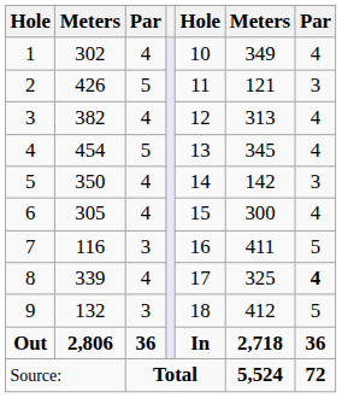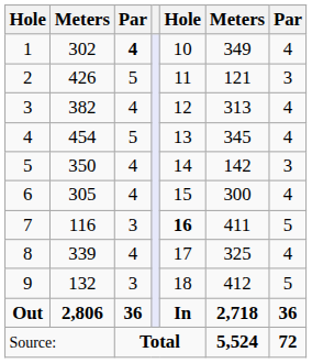 <table class="wikitable" style="text-align:center; font-size:100%;">
 <tr>
 <th>Hole</th>
 <th>Meters</th>
 <th>Par</th>
 <th></th>
 <th>Hole</th>
 <th>Meters</th>
 <th>Par</th>
 </tr>
 <tr>
 <td>1</td>
 <td>302</td>
-<td>4</td>
+<td><strong>4</strong></td>
 <td rowspan="10" style="background:#E6E8FA;"></td>
 <td>10</td>
 <td>349</td>
 <td>4</td>
 </tr>
 <tr>
 <td>2</td>
 <td>426</td>
 <td>5</td>
 <td>11</td>
 <td>121</td>
 <td>3</td>
 </tr>
 <tr>
 <td>3</td>
 <td>382</td>
 <td>4</td>
 <td>12</td>
 <td>313</td>
 <td>4</td>
 </tr>
 <tr>
 <td>4</td>
 <td>454</td>
 <td>5</td>
 <td>13</td>
 <td>345</td>
 <td>4</td>
 </tr>
 <tr>
 <td>5</td>
 <td>350</td>
 <td>4</td>
 <td>14</td>
 <td>142</td>
 <td>3</td>
 </tr>
 <tr>
 <td>6</td>
 <td>305</td>
 <td>4</td>
 <td>15</td>
 <td>300</td>
 <td>4</td>
 </tr>
 <tr>
 <td>7</td>
 <td>116</td>
 <td>3</td>
-<td>16</td>
+<td><strong>16</strong></td>
 <td>411</td>
 <td>5</td>
 </tr>
 <tr>
 <td>8</td>
 <td>339</td>
 <td>4</td>
 <td>17</td>
 <td>325</td>
-<td><strong>4</strong></td>
+<td>4</td>
 </tr>
 <tr>
 <td>9</td>
 <td>132</td>
 <td>3</td>
 <td>18</td>
 <td>412</td>
 <td>5</td>
 </tr>
 <tr>
 <td><strong>Out</strong></td>
 <td><strong>2,806</strong></td>
 <td><strong>36</strong></td>
 <td><strong>In</strong></td>
 <td><strong>2,718</strong></td>
 <td><strong>36</strong></td>
 </tr>
 <tr>
 <td colspan="2" align="left"><small>Source:</small></td>
 <td colspan="3"><strong>Total</strong></td>
 <td><strong>5,524</strong></td>
 <td><strong>72</strong></td>
 </tr>
 </table>
